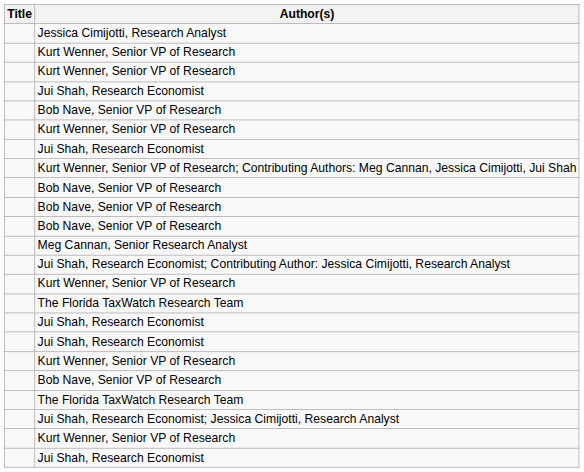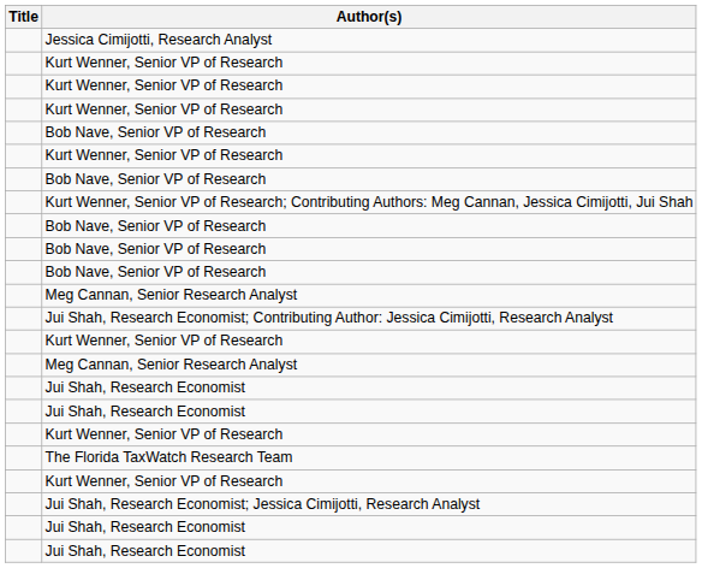 <table class="wikitable sortable">
 <tr>
 <th>Title</th>
 <th>Author(s)</th>
 </tr>
 <tr>
 <td><em></em></td>
 <td>Jessica Cimijotti, Research Analyst</td>
 </tr>
 <tr>
 <td><em></em></td>
 <td>Kurt Wenner, Senior VP of Research</td>
 </tr>
 <tr>
 <td><em></em></td>
 <td>Kurt Wenner, Senior VP of Research</td>
 </tr>
 <tr>
 <td><em></em></td>
-<td>Jui Shah, Research Economist</td>
+<td>Kurt Wenner, Senior VP of Research</td>
 </tr>
 <tr>
 <td><em></em></td>
 <td>Bob Nave, Senior VP of Research</td>
 </tr>
 <tr>
 <td><em></em></td>
 <td>Kurt Wenner, Senior VP of Research</td>
 </tr>
 <tr>
 <td><em></em></td>
-<td>Jui Shah, Research Economist</td>
+<td>Bob Nave, Senior VP of Research</td>
 </tr>
 <tr>
 <td><em></em></td>
 <td>Kurt Wenner, Senior VP of Research; Contributing Authors: Meg Cannan, Jessica Cimijotti, Jui Shah</td>
 </tr>
 <tr>
 <td><em></em></td>
 <td>Bob Nave, Senior VP of Research</td>
 </tr>
 <tr>
 <td><em></em></td>
 <td>Bob Nave, Senior VP of Research</td>
 </tr>
 <tr>
 <td><em></em></td>
 <td>Bob Nave, Senior VP of Research</td>
 </tr>
 <tr>
 <td><em></em></td>
 <td>Meg Cannan, Senior Research Analyst</td>
 </tr>
 <tr>
 <td><em></em></td>
 <td>Jui Shah, Research Economist; Contributing Author: Jessica Cimijotti, Research Analyst</td>
 </tr>
 <tr>
 <td><em></em></td>
 <td>Kurt Wenner, Senior VP of Research</td>
 </tr>
 <tr>
 <td><em></em></td>
-<td>The Florida TaxWatch Research Team</td>
+<td>Meg Cannan, Senior Research Analyst</td>
 </tr>
 <tr>
 <td><em></em></td>
 <td>Jui Shah, Research Economist</td>
 </tr>
 <tr>
 <td><em></em></td>
 <td>Jui Shah, Research Economist</td>
 </tr>
 <tr>
 <td><em></em></td>
 <td>Kurt Wenner, Senior VP of Research</td>
 </tr>
 <tr>
 <td><em></em></td>
-<td>Bob Nave, Senior VP of Research</td>
+<td>The Florida TaxWatch Research Team</td>
 </tr>
 <tr>
 <td><em></em></td>
-<td>The Florida TaxWatch Research Team</td>
+<td>Kurt Wenner, Senior VP of Research</td>
 </tr>
 <tr>
 <td><em></em></td>
 <td>Jui Shah, Research Economist; Jessica Cimijotti, Research Analyst</td>
 </tr>
 <tr>
 <td><em></em></td>
-<td>Kurt Wenner, Senior VP of Research</td>
+<td>Jui Shah, Research Economist</td>
 </tr>
 <tr>
 <td><em></em></td>
 <td>Jui Shah, Research Economist</td>
 </tr>
 </table>
